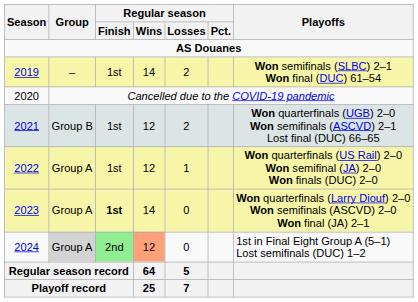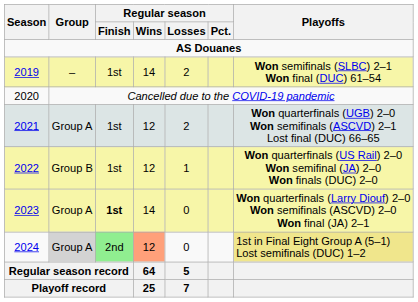 <table class="wikitable" style="font-size:95%; text-align:center">
 <tr>
 <th rowspan="2">Season</th>
 <th rowspan="2">Group</th>
 <th colspan="4">Regular season</th>
 <th rowspan="2">Playoffs</th>
 </tr>
 <tr>
 <th>Finish</th>
 <th>Wins</th>
 <th>Losses</th>
 <th>Pct.</th>
 </tr>
 <tr>
 <td colspan="11" align="center"><strong>AS Douanes</strong></td>
 </tr>
 <tr bgcolor=#F7F6A8>
 <td><a href='#'>2019</a></td>
 <td>–</td>
 <td>1st</td>
 <td>14</td>
 <td>2</td>
 <td></td>
 <td><strong>Won</strong> semifinals (<a href='#'>SLBC</a>) 2–1<br><strong>Won</strong> final (<a href='#'>DUC</a>) 61–54</td>
 </tr>
 <tr>
 <td>2020</td>
 <td colspan="6"><em>Cancelled due to the <a href='#'>COVID-19 pandemic</a></em></td>
 </tr>
 <tr bgcolor=#DCE5E5>
 <td><a href='#'>2021</a></td>
-<td>Group B</td>
+<td>Group A</td>
 <td>1st</td>
 <td>12</td>
 <td>2</td>
 <td></td>
 <td><strong>Won</strong> quarterfinals (<a href='#'>UGB</a>) 2–0<br><strong>Won</strong> semifinals (<a href='#'>ASCVD</a>) 2–1<br>Lost final (DUC) 66–65</td>
 </tr>
 <tr bgcolor=#F7F6A8>
 <td><a href='#'>2022</a></td>
-<td>Group A</td>
+<td>Group B</td>
 <td>1st</td>
 <td>12</td>
 <td>1</td>
 <td></td>
 <td><strong>Won</strong> quarterfinals (<a href='#'>US Rail</a>) 2–0<br><strong>Won</strong> semifinal (<a href='#'>JA</a>) 2–0<br><strong>Won</strong> finals (DUC) 2–0</td>
 </tr>
 <tr bgcolor=#F7F6A8>
 <td><a href='#'>2023</a></td>
 <td>Group A</td>
 <td><strong>1st</strong></td>
 <td>14</td>
 <td>0</td>
 <td></td>
 <td><strong>Won</strong> quarterfinals (<a href='#'>Larry Diouf</a>) 2–0<br><strong>Won</strong> semifinals (ASCVD) 2–0<br><strong>Won</strong> final (JA) 2–1</td>
 </tr>
 <tr>
 <td><a href='#'>2024</a></td>
 <td style="background: lightgrey;">Group A</td>
 <td style="background: lightgreen;">2nd</td>
 <td style="background: lightsalmon;">12</td>
 <td>0</td>
 <td></td>
-<td align="left">1st in Final Eight Group A (5–1)<br>Lost semifinals (DUC) 1–2</td>
+<td align="left" style="background: khaki;">1st in Final Eight Group A (5–1)<br>Lost semifinals (DUC) 1–2</td>
 </tr>
 <tr>
 <th colspan="3">Regular season record</th>
 <th>64</th>
 <th>5</th>
 <th></th>
 <th></th>
 </tr>
 <tr>
 <th colspan="3">Playoff record</th>
 <th>25</th>
 <th>7</th>
 <th></th>
 <th></th>
 </tr>
 </table>
